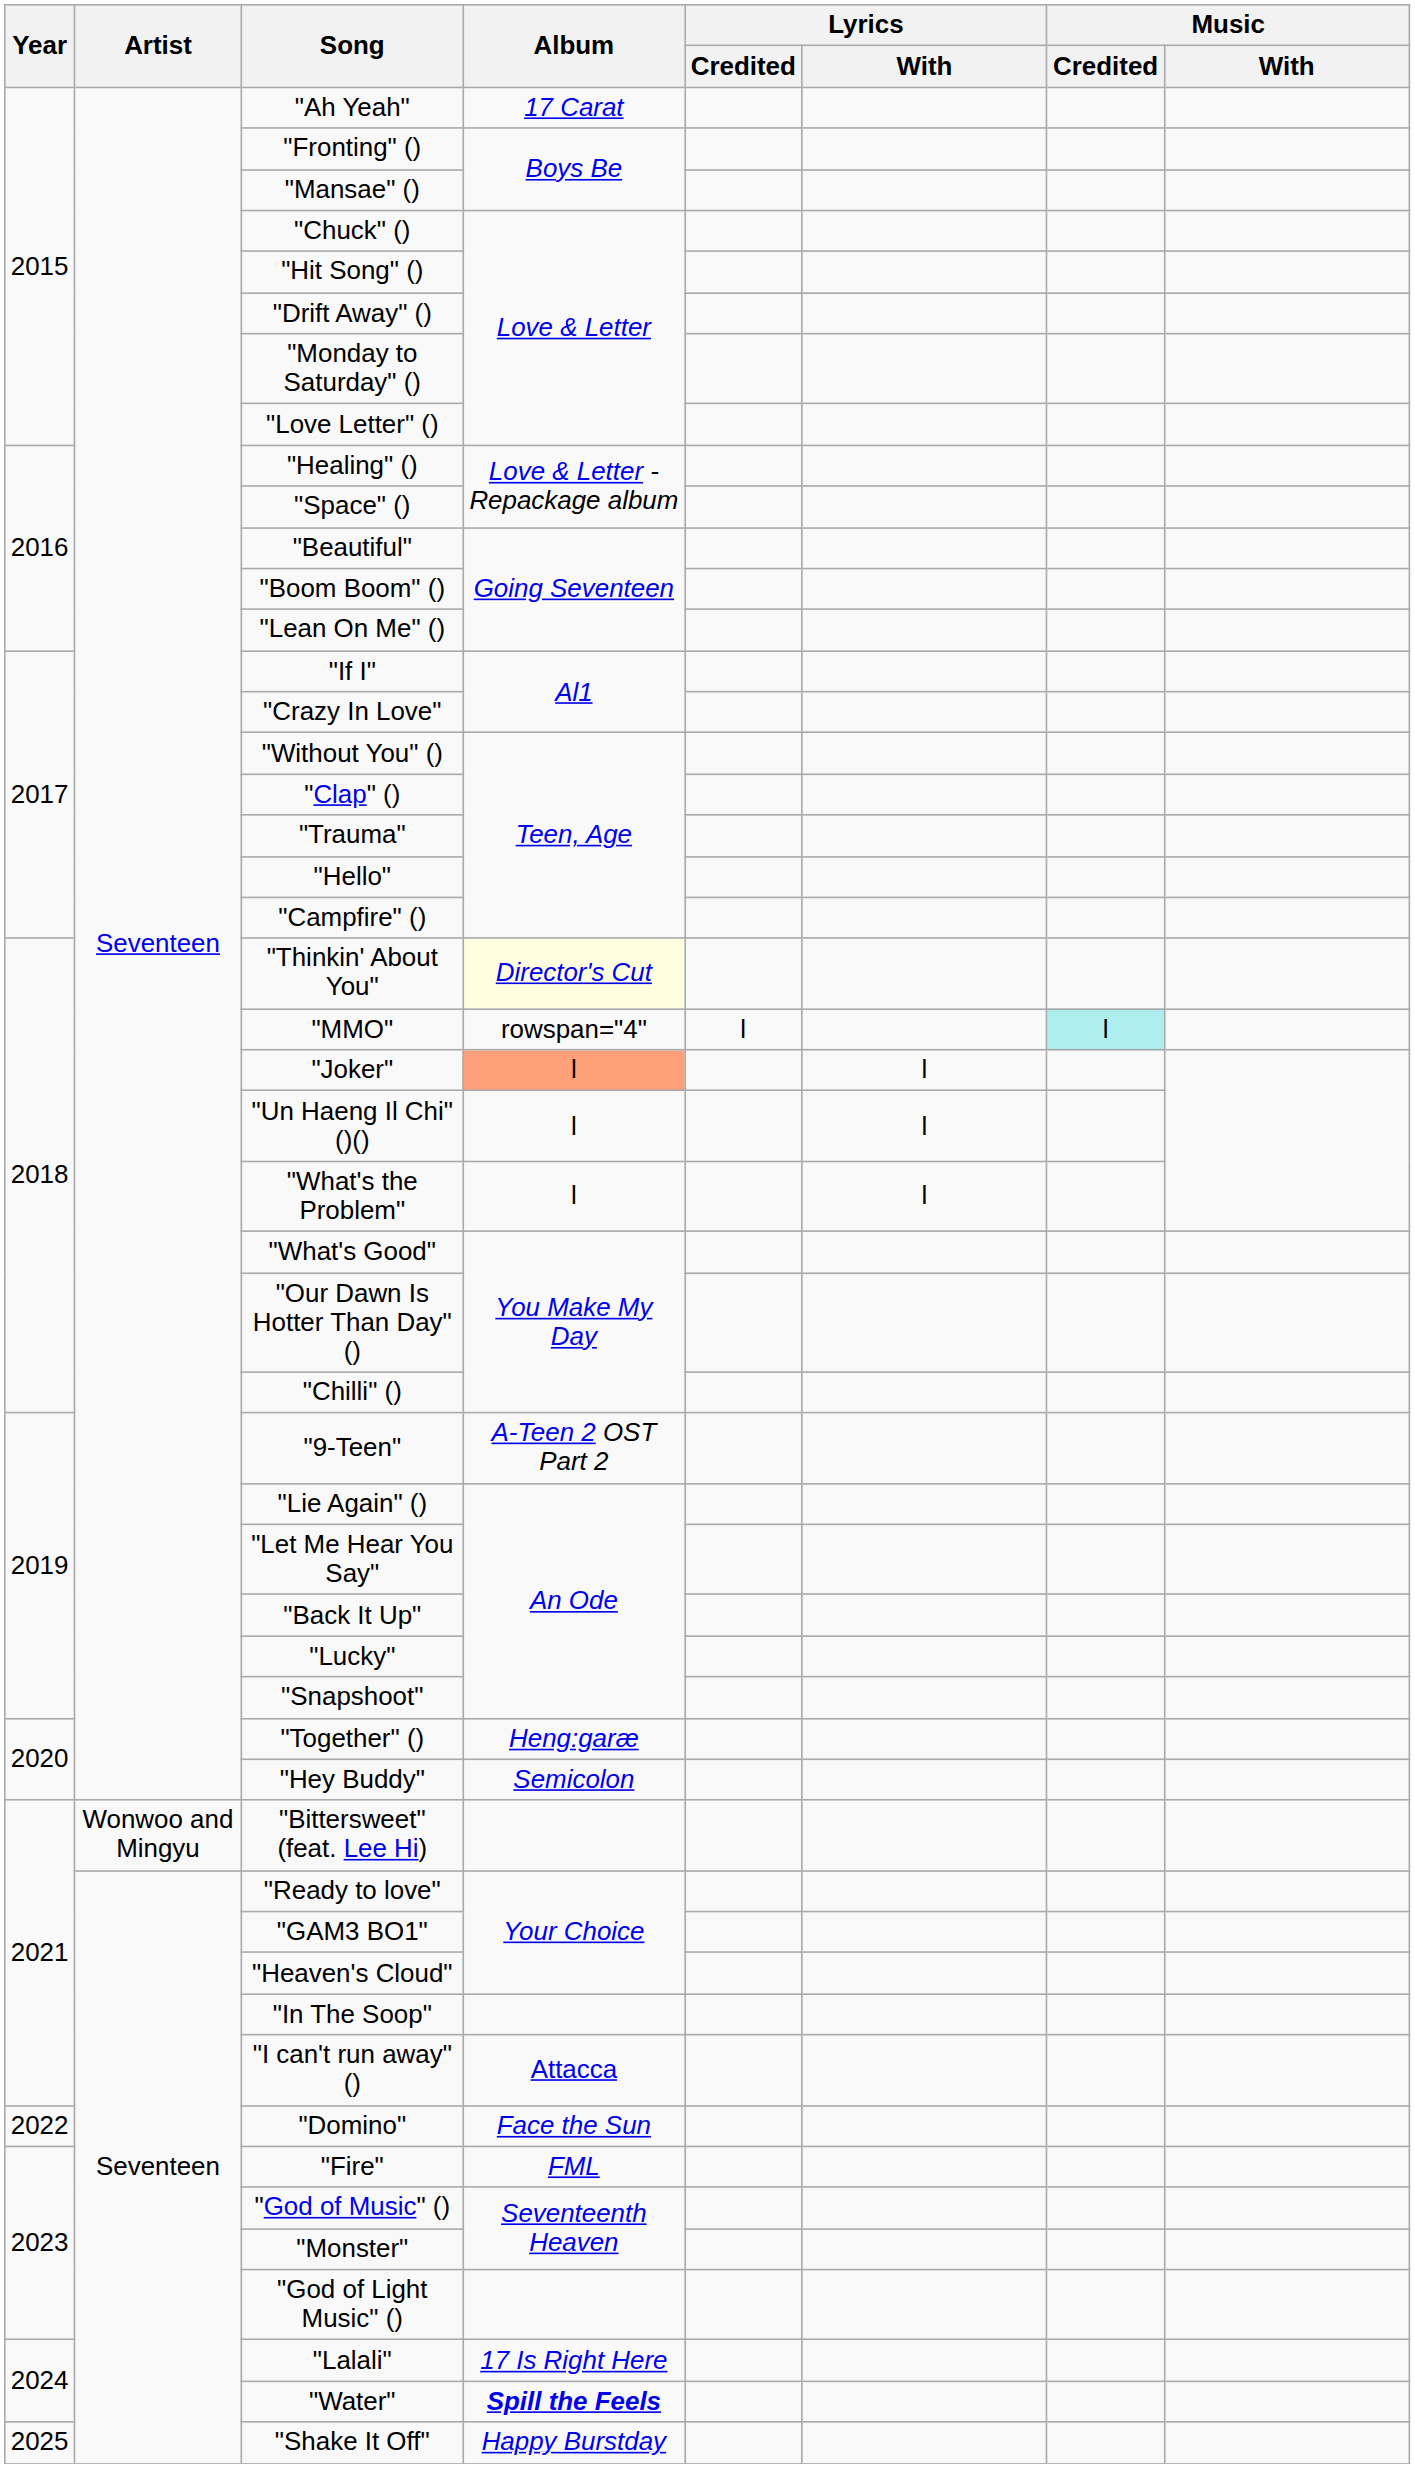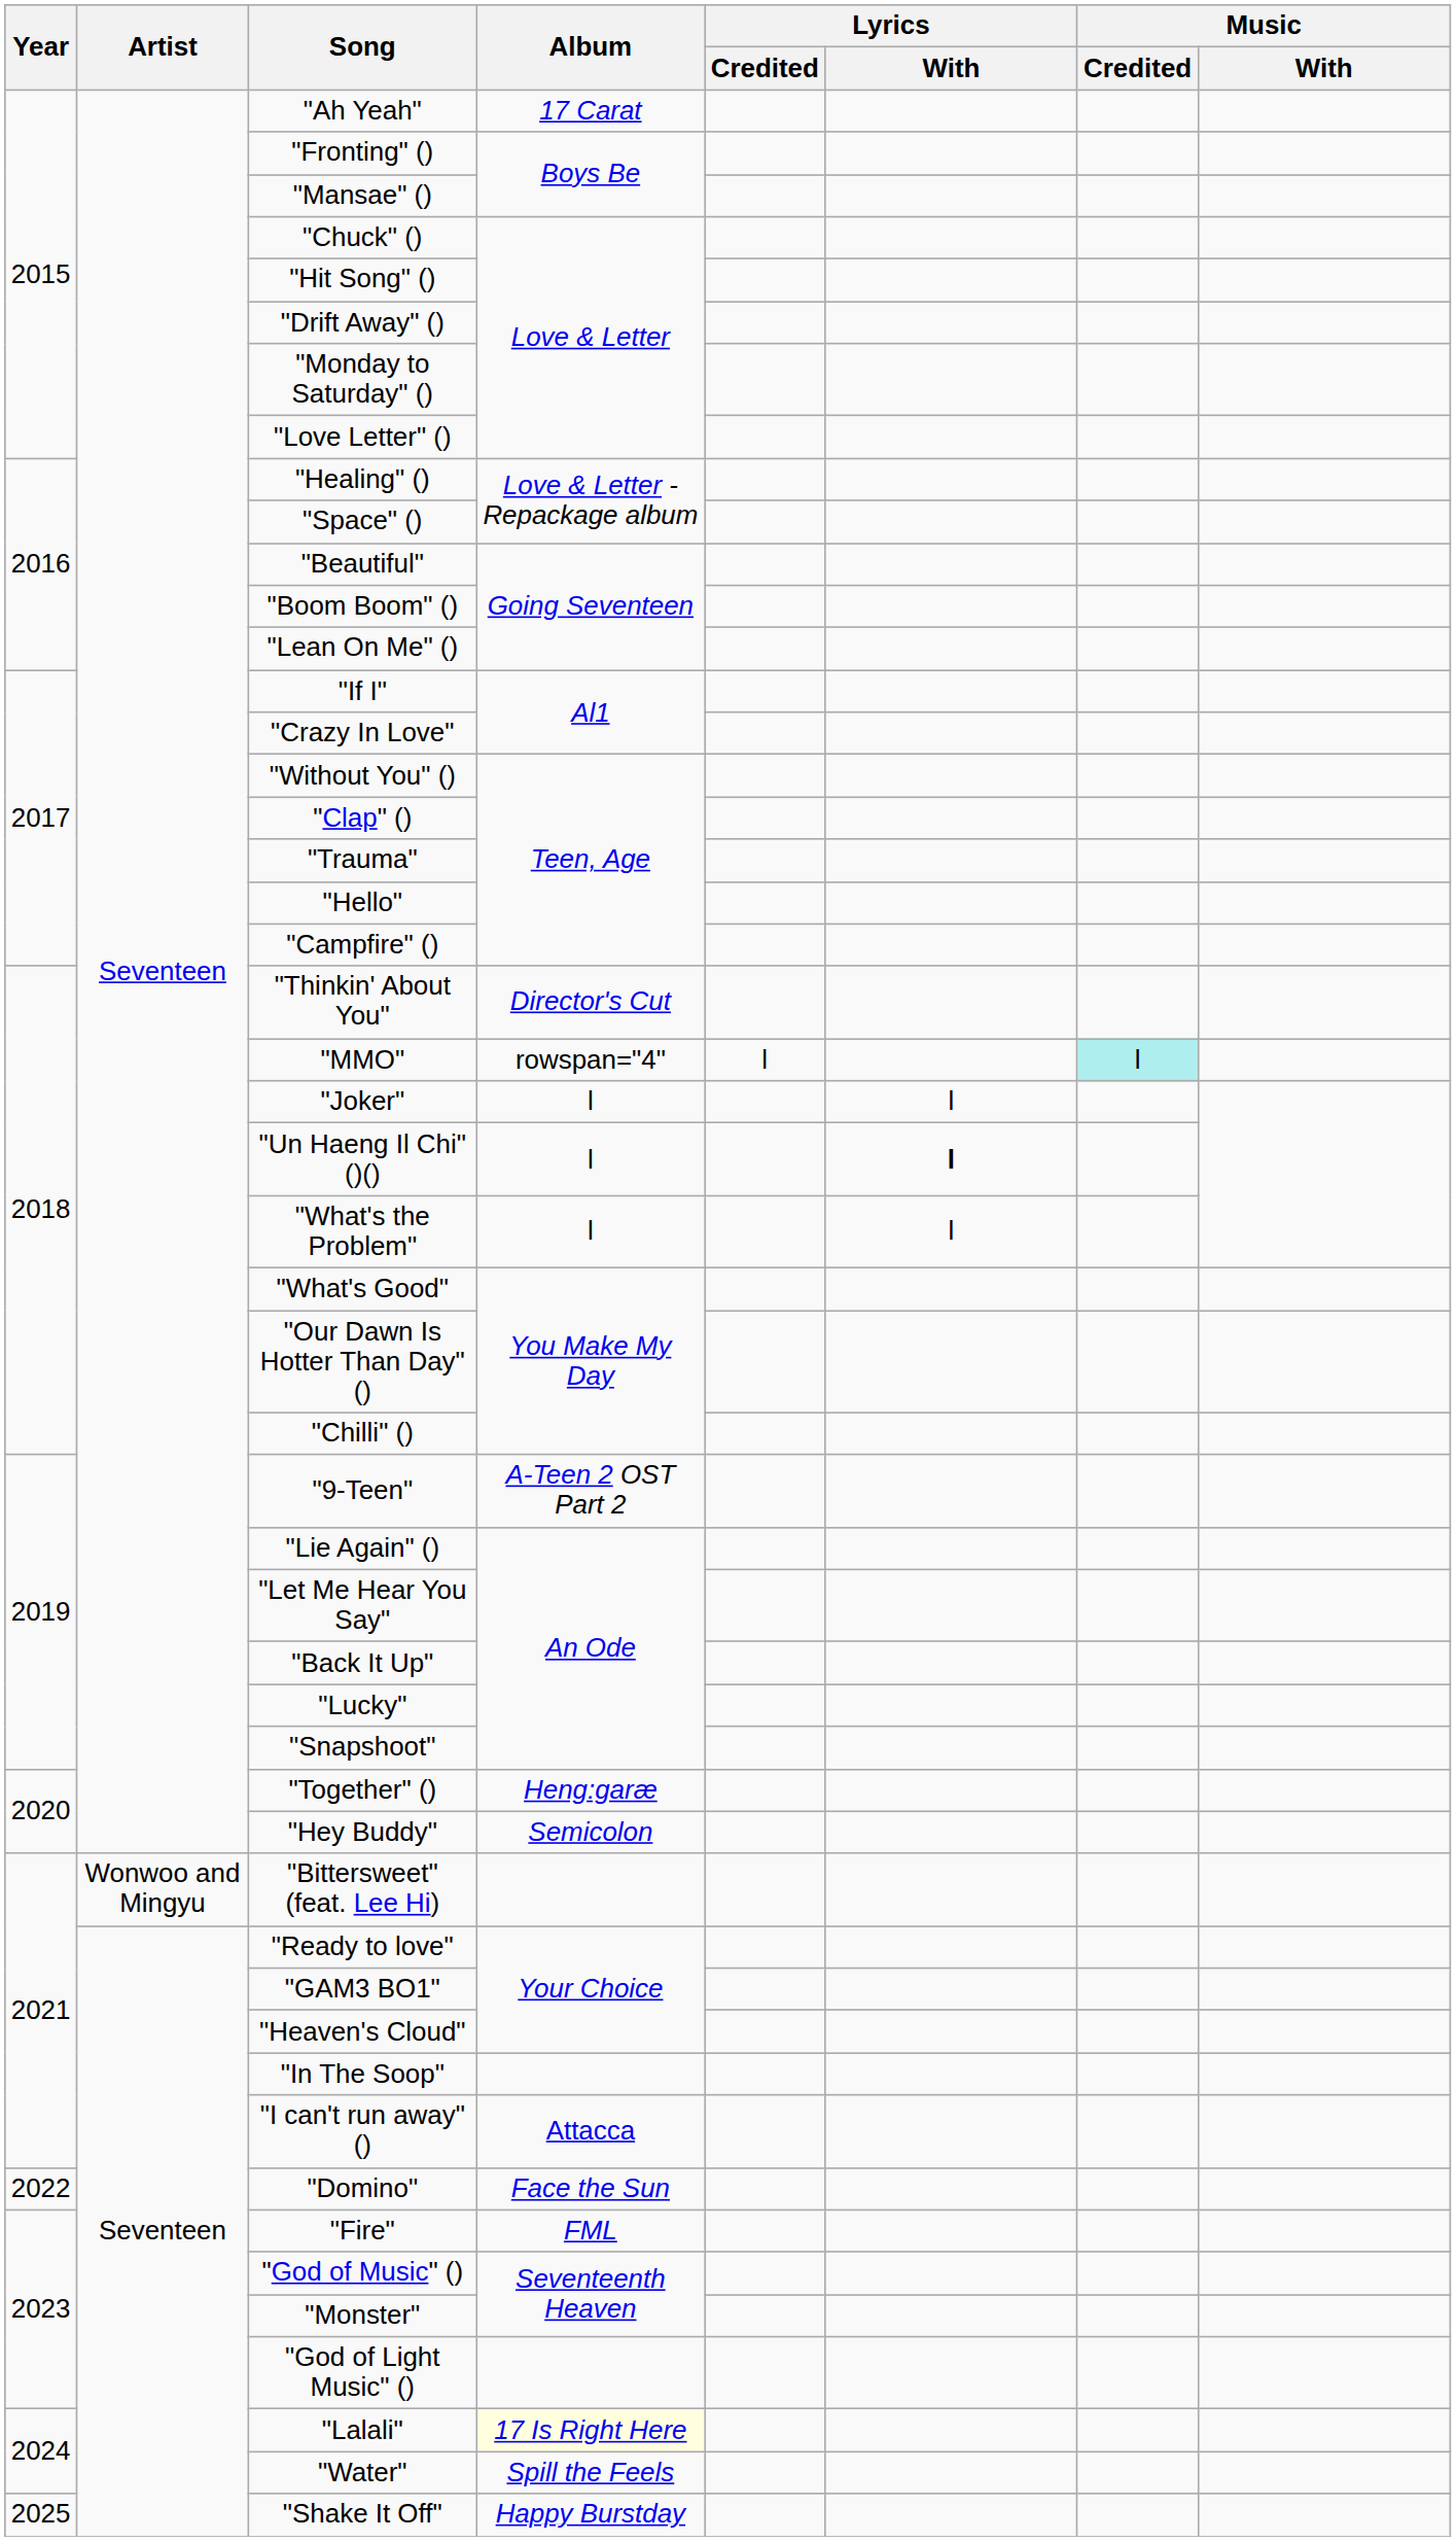 <table class="wikitable plainrowheaders sortable" style="text-align:center; width;100%">
 <tr>
 <th rowspan="2">Year</th>
 <th rowspan="2">Artist</th>
 <th rowspan="2">Song</th>
 <th rowspan="2">Album</th>
 <th colspan="2">Lyrics</th>
 <th colspan="2">Music</th>
 </tr>
 <tr>
 <th style="width:3em;">Credited</th>
 <th style="width:9em;">With</th>
 <th style="width:3em;">Credited</th>
 <th style="width:9em;">With</th>
 </tr>
 <tr>
 <td rowspan="8">2015</td>
 <td rowspan="36"><a href='#'>Seventeen</a></td>
 <td>"Ah Yeah"</td>
 <td><em><a href='#'>17 Carat</a></em></td>
 <td></td>
 <td></td>
 <td></td>
 <td></td>
 </tr>
 <tr>
 <td>"Fronting" () <br></td>
 <td rowspan="2"><em><a href='#'>Boys Be</a></em></td>
 <td></td>
 <td></td>
 <td></td>
 <td></td>
 </tr>
 <tr>
 <td>"Mansae" ()</td>
 <td></td>
 <td></td>
 <td></td>
 <td></td>
 </tr>
 <tr>
 <td>"Chuck" ()</td>
 <td rowspan="5"><em><a href='#'>Love & Letter</a></em></td>
 <td></td>
 <td></td>
 <td></td>
 <td></td>
 </tr>
 <tr>
 <td>"Hit Song" ()</td>
 <td></td>
 <td></td>
 <td></td>
 <td></td>
 </tr>
 <tr>
 <td>"Drift Away" () <br></td>
 <td></td>
 <td></td>
 <td></td>
 <td></td>
 </tr>
 <tr>
 <td>"Monday to Saturday" () <br></td>
 <td></td>
 <td></td>
 <td></td>
 <td></td>
 </tr>
 <tr>
 <td>"Love Letter" ()</td>
 <td></td>
 <td></td>
 <td></td>
 <td></td>
 </tr>
 <tr>
 <td rowspan="5">2016</td>
 <td>"Healing" ()</td>
 <td rowspan="2"><em><a href='#'>Love & Letter</a> - Repackage album</em></td>
 <td></td>
 <td></td>
 <td></td>
 <td></td>
 </tr>
 <tr>
 <td>"Space" ()</td>
 <td></td>
 <td></td>
 <td></td>
 <td></td>
 </tr>
 <tr>
 <td>"Beautiful" <br></td>
 <td rowspan="3"><em><a href='#'>Going Seventeen</a></em></td>
 <td></td>
 <td></td>
 <td></td>
 <td></td>
 </tr>
 <tr>
 <td>"Boom Boom" ()</td>
 <td></td>
 <td></td>
 <td></td>
 <td></td>
 </tr>
 <tr>
 <td>"Lean On Me" ()<br></td>
 <td></td>
 <td></td>
 <td></td>
 <td></td>
 </tr>
 <tr>
 <td rowspan="7">2017</td>
 <td>"If I" <br></td>
 <td rowspan="2"><em><a href='#'>Al1</a></em></td>
 <td></td>
 <td></td>
 <td></td>
 <td></td>
 </tr>
 <tr>
 <td>"Crazy In Love"</td>
 <td></td>
 <td></td>
 <td></td>
 <td></td>
 </tr>
 <tr>
 <td>"Without You" ()</td>
 <td rowspan="5"><em><a href='#'>Teen, Age</a></em></td>
 <td></td>
 <td></td>
 <td></td>
 <td></td>
 </tr>
 <tr>
 <td>"<a href='#'>Clap</a>" ()</td>
 <td></td>
 <td></td>
 <td></td>
 <td></td>
 </tr>
 <tr>
 <td>"Trauma" <br></td>
 <td></td>
 <td></td>
 <td></td>
 <td></td>
 </tr>
 <tr>
 <td>"Hello" <br></td>
 <td></td>
 <td></td>
 <td></td>
 <td></td>
 </tr>
 <tr>
 <td>"Campfire" ()</td>
 <td></td>
 <td></td>
 <td></td>
 <td></td>
 </tr>
 <tr>
 <td rowspan="8">2018</td>
 <td>"Thinkin' About You"</td>
-<td style="background: lightyellow;"><em><a href='#'>Director's Cut</a></em></td>
+<td><em><a href='#'>Director's Cut</a></em></td>
 <td></td>
 <td></td>
 <td></td>
 <td></td>
 </tr>
 <tr>
 <td>"MMO" <br></td>
 <td>rowspan="4" </td>
 <td>l</td>
 <td></td>
 <td style="background: paleturquoise;">l</td>
 <td></td>
 </tr>
 <tr>
 <td>"Joker" <br></td>
-<td style="background: lightsalmon;">l</td>
+<td>l</td>
 <td></td>
 <td>l</td>
 <td></td>
 </tr>
 <tr>
 <td>"Un Haeng Il Chi" ()() <br></td>
 <td>l</td>
 <td></td>
-<td>l</td>
+<td><strong>l</strong></td>
 <td></td>
 </tr>
 <tr>
 <td>"What's the Problem" <br></td>
 <td>l</td>
 <td></td>
 <td>l</td>
 <td></td>
 </tr>
 <tr>
 <td>"What's Good" <br></td>
 <td rowspan="3"><em><a href='#'>You Make My Day</a></em></td>
 <td></td>
 <td></td>
 <td></td>
 <td></td>
 </tr>
 <tr>
 <td>"Our Dawn Is Hotter Than Day" ()</td>
 <td></td>
 <td></td>
 <td></td>
 <td></td>
 </tr>
 <tr>
 <td>"Chilli" () <br></td>
 <td></td>
 <td></td>
 <td></td>
 <td></td>
 </tr>
 <tr>
 <td rowspan="6">2019</td>
 <td>"9-Teen"</td>
 <td><em><a href='#'>A-Teen 2</a> OST Part 2</em></td>
 <td></td>
 <td></td>
 <td></td>
 <td></td>
 </tr>
 <tr>
 <td>"Lie Again" ()</td>
 <td rowspan="5"><em><a href='#'>An Ode</a></em></td>
 <td></td>
 <td></td>
 <td></td>
 <td></td>
 </tr>
 <tr>
 <td>"Let Me Hear You Say"</td>
 <td></td>
 <td></td>
 <td></td>
 <td></td>
 </tr>
 <tr>
 <td>"Back It Up" <br></td>
 <td></td>
 <td></td>
 <td></td>
 <td></td>
 </tr>
 <tr>
 <td>"Lucky"</td>
 <td></td>
 <td></td>
 <td></td>
 <td></td>
 </tr>
 <tr>
 <td>"Snapshoot"</td>
 <td></td>
 <td></td>
 <td></td>
 <td></td>
 </tr>
 <tr>
 <td rowspan="2">2020</td>
 <td>"Together" ()</td>
 <td><em><a href='#'>Heng:garæ</a></em></td>
 <td></td>
 <td></td>
 <td></td>
 <td></td>
 </tr>
 <tr>
 <td>"Hey Buddy"<br></td>
 <td><em><a href='#'>Semicolon</a></em></td>
 <td></td>
 <td></td>
 <td></td>
 <td></td>
 </tr>
 <tr>
 <td rowspan="6">2021</td>
 <td>Wonwoo and Mingyu</td>
 <td>"Bittersweet" (feat. <a href='#'>Lee Hi</a>)</td>
 <td></td>
 <td></td>
 <td></td>
 <td></td>
 <td></td>
 </tr>
 <tr>
 <td rowspan="13">Seventeen</td>
 <td>"Ready to love"</td>
 <td rowspan="3"><em><a href='#'>Your Choice</a></em></td>
 <td></td>
 <td></td>
 <td></td>
 <td></td>
 </tr>
 <tr>
 <td>"GAM3 BO1" <br></td>
 <td></td>
 <td></td>
 <td></td>
 <td></td>
 </tr>
 <tr>
 <td>"Heaven's Cloud"</td>
 <td></td>
 <td></td>
 <td></td>
 <td></td>
 </tr>
 <tr>
 <td>"In The Soop"</td>
 <td></td>
 <td></td>
 <td></td>
 <td></td>
 <td></td>
 </tr>
 <tr>
 <td>"I can't run away" ()<br></td>
 <td><a href='#'>Attacca</a></td>
 <td></td>
 <td></td>
 <td></td>
 <td></td>
 </tr>
 <tr>
 <td>2022</td>
 <td>"Domino"</td>
 <td><em><a href='#'>Face the Sun</a></em></td>
 <td></td>
 <td></td>
 <td></td>
 <td></td>
 </tr>
 <tr>
 <td rowspan="4">2023</td>
 <td>"Fire" <br></td>
 <td><a href='#'><em>FML</em></a></td>
 <td></td>
 <td></td>
 <td></td>
 <td></td>
 </tr>
 <tr>
 <td>"<a href='#'>God of Music</a>" ()</td>
 <td rowspan="2"><em><a href='#'>Seventeenth Heaven</a></em></td>
 <td></td>
 <td></td>
 <td></td>
 <td></td>
 </tr>
 <tr>
 <td>"Monster" <br></td>
 <td></td>
 <td></td>
 <td></td>
 <td></td>
 </tr>
 <tr>
 <td>"God of Light Music" ()</td>
 <td></td>
 <td></td>
 <td></td>
 <td></td>
 <td></td>
 </tr>
 <tr>
 <td rowspan="2">2024</td>
 <td>"Lalali" <br></td>
-<td><em><a href='#'>17 Is Right Here</a></em></td>
+<td style="background: lightyellow;"><em><a href='#'>17 Is Right Here</a></em></td>
 <td></td>
 <td></td>
 <td></td>
 <td></td>
 </tr>
 <tr>
 <td>"Water"<br></td>
-<td><strong><em><a href='#'>Spill the Feels</a></em></strong></td>
+<td><em><a href='#'>Spill the Feels</a></em></td>
 <td></td>
 <td></td>
 <td></td>
 <td></td>
 </tr>
 <tr>
 <td>2025</td>
 <td>"Shake It Off"<br></td>
 <td><em><a href='#'>Happy Burstday</a></em></td>
 <td></td>
 <td></td>
 <td></td>
 <td></td>
 </tr>
 </table>
